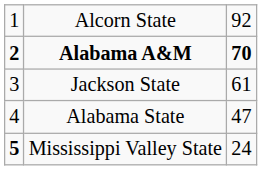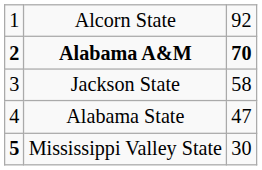 <table class="wikitable" style="display: inline-table;">
 <tr align="center">
 <td>1</td>
 <td>Alcorn State</td>
 <td>92</td>
 </tr>
 <tr align="center">
 <td><strong>2</strong></td>
 <td><strong>Alabama A&M</strong></td>
 <td><strong>70</strong></td>
 </tr>
 <tr align="center">
 <td>3</td>
 <td>Jackson State</td>
-<td>61</td>
+<td>58</td>
 </tr>
 <tr align="center">
 <td>4</td>
 <td>Alabama State</td>
 <td>47</td>
 </tr>
 <tr align="center">
 <td><strong>5</strong></td>
 <td>Mississippi Valley State</td>
-<td>24</td>
+<td>30</td>
 </tr>
 </table>
